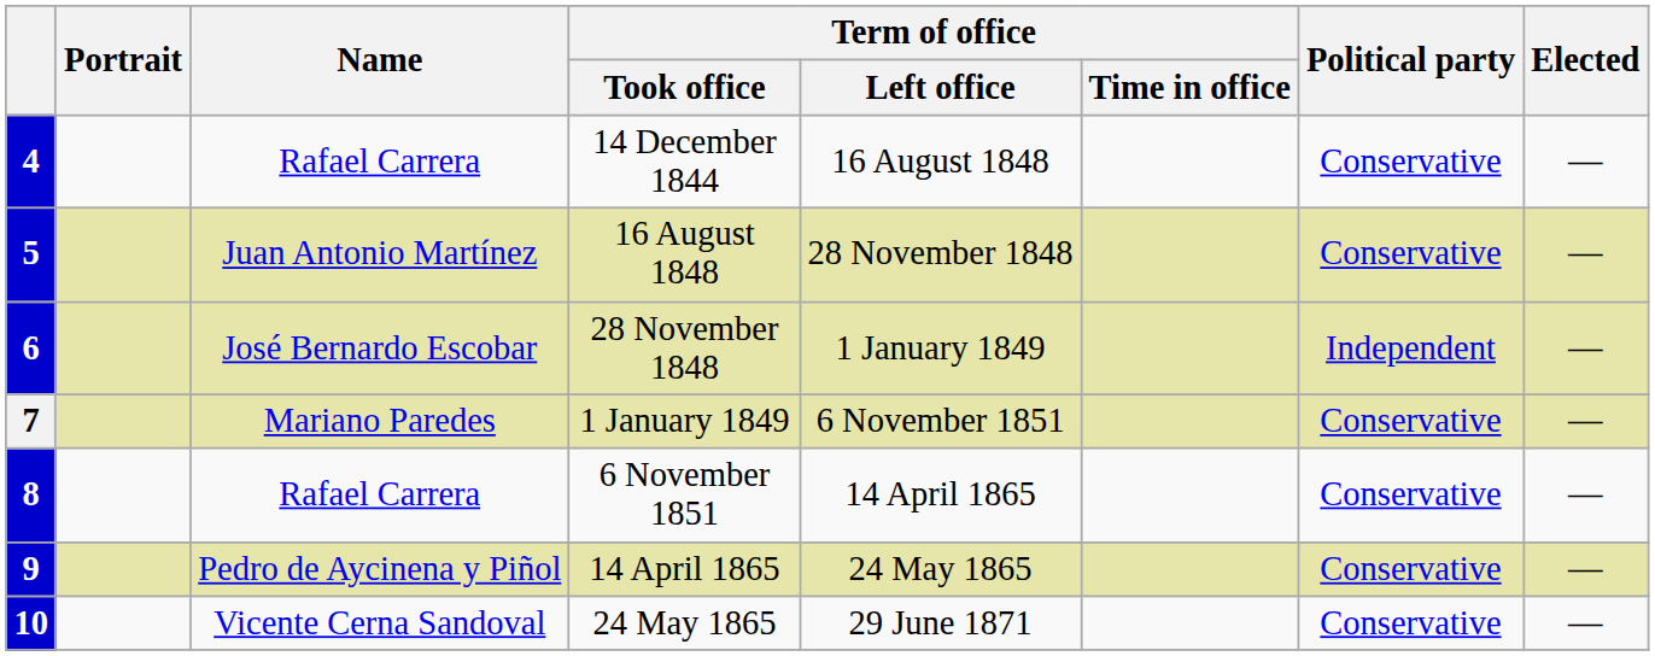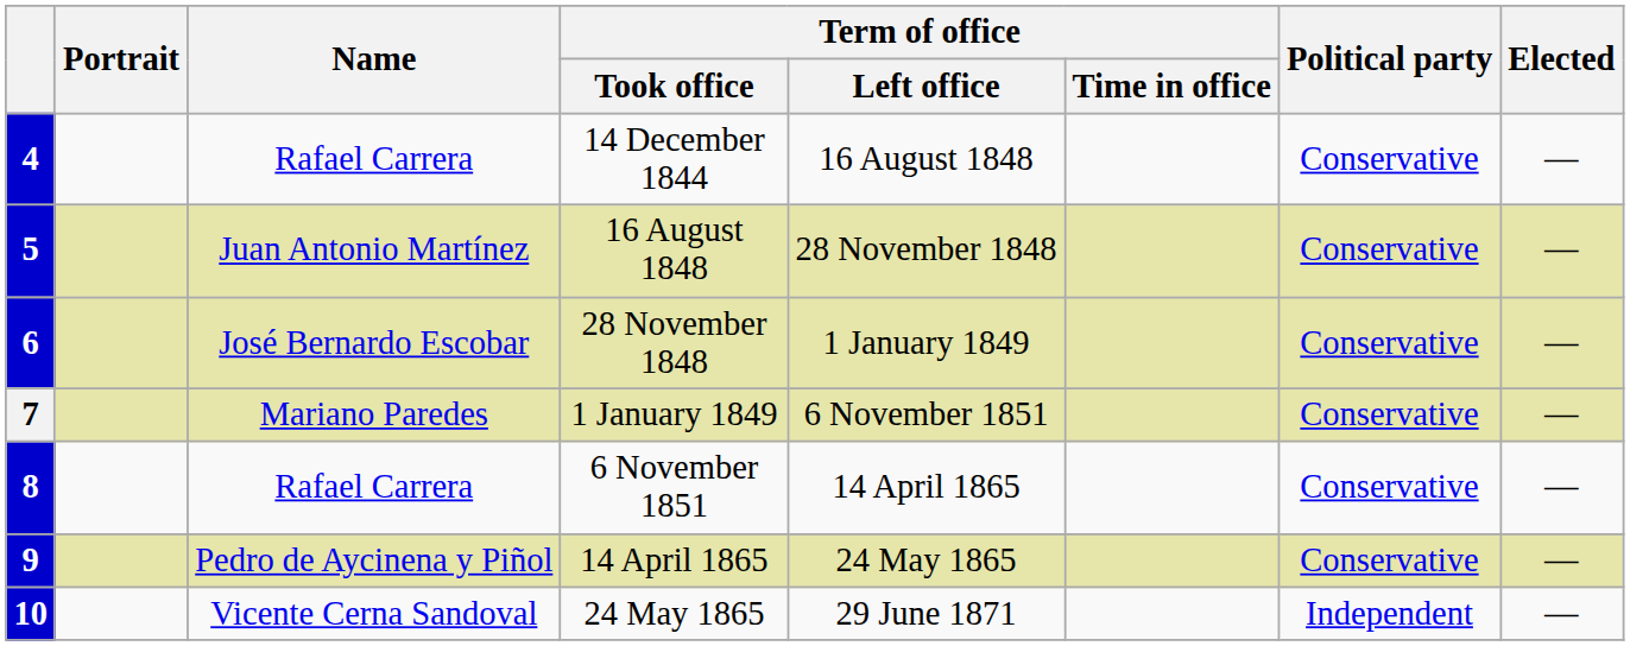 <table class="wikitable" style="text-align:center">
 <tr>
 <th rowspan="2"></th>
 <th rowspan="2">Portrait</th>
 <th rowspan="2">Name<br></th>
 <th colspan="3">Term of office</th>
 <th rowspan="2">Political party</th>
 <th rowspan="2">Elected</th>
 </tr>
 <tr style="background:#cccccc">
 <th width="100">Took office</th>
 <th>Left office</th>
 <th>Time in office</th>
 </tr>
 <tr>
 <th style="background:MediumBlue; color:white">4</th>
 <td></td>
 <td><a href='#'>Rafael Carrera</a><br></td>
 <td>14 December 1844</td>
 <td>16 August 1848</td>
 <td></td>
 <td><a href='#'>Conservative</a></td>
 <td>—</td>
 </tr>
 <tr style="background:#E6E6AA">
 <th style="background:MediumBlue; color:white">5</th>
 <td></td>
 <td><a href='#'>Juan Antonio Martínez</a><br></td>
 <td>16 August 1848</td>
 <td>28 November 1848</td>
 <td></td>
 <td><a href='#'>Conservative</a></td>
 <td>—</td>
 </tr>
 <tr style="background:#E6E6AA">
 <th style="background:MediumBlue; color:white">6</th>
 <td></td>
 <td><a href='#'>José Bernardo Escobar</a><br></td>
 <td>28 November 1848</td>
 <td>1 January 1849</td>
 <td></td>
-<td><a href='#'>Independent</a></td>
+<td><a href='#'>Conservative</a></td>
 <td>—</td>
 </tr>
 <tr style="background:#E6E6AA">
 <th style="background:">7</th>
 <td></td>
 <td><a href='#'>Mariano Paredes</a><br></td>
 <td>1 January 1849</td>
 <td>6 November 1851</td>
 <td></td>
 <td><a href='#'>Conservative</a></td>
 <td>—</td>
 </tr>
 <tr>
 <th style="background:MediumBlue; color:white">8</th>
 <td></td>
 <td><a href='#'>Rafael Carrera</a><br></td>
 <td>6 November 1851</td>
 <td>14 April 1865</td>
 <td></td>
 <td><a href='#'>Conservative</a></td>
 <td>—</td>
 </tr>
 <tr style="background:#E6E6AA">
 <th style="background:MediumBlue; color:white">9</th>
 <td></td>
 <td><a href='#'>Pedro de Aycinena y Piñol</a><br></td>
 <td>14 April 1865</td>
 <td>24 May 1865</td>
 <td></td>
 <td><a href='#'>Conservative</a></td>
 <td>—</td>
 </tr>
 <tr>
 <th style="background:MediumBlue; color:white">10</th>
 <td></td>
 <td><a href='#'>Vicente Cerna Sandoval</a><br></td>
 <td>24 May 1865</td>
 <td>29 June 1871</td>
 <td></td>
-<td><a href='#'>Conservative</a></td>
+<td><a href='#'>Independent</a></td>
 <td>—</td>
 </tr>
 </table>
